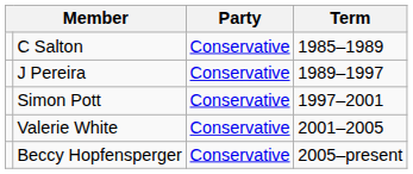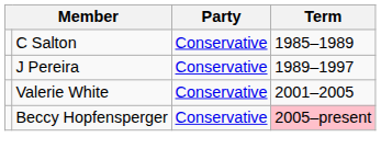 <table class="wikitable">
 <tr>
 <th colspan="2">Member</th>
 <th>Party</th>
 <th>Term</th>
 </tr>
 <tr>
 <td style="background-color: "></td>
 <td>C Salton</td>
 <td><a href='#'>Conservative</a></td>
 <td>1985–1989</td>
 </tr>
 <tr>
 <td style="background-color: "></td>
 <td>J Pereira</td>
 <td><a href='#'>Conservative</a></td>
 <td>1989–1997</td>
 </tr>
 <tr>
 <td style="background-color: "></td>
-<td>Simon Pott</td>
-<td><a href='#'>Conservative</a></td>
-<td>1997–2001</td>
-</tr>
-<tr>
-<td style="background-color: "></td>
 <td>Valerie White</td>
 <td><a href='#'>Conservative</a></td>
 <td>2001–2005</td>
 </tr>
 <tr>
 <td style="background-color: "></td>
 <td>Beccy Hopfensperger</td>
 <td><a href='#'>Conservative</a></td>
-<td>2005–present</td>
+<td style="background: pink;">2005–present</td>
 </tr>
 </table>
